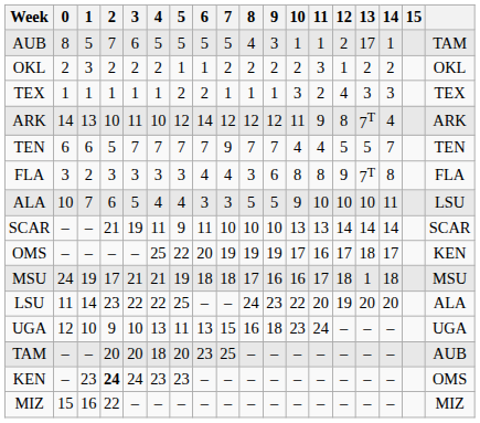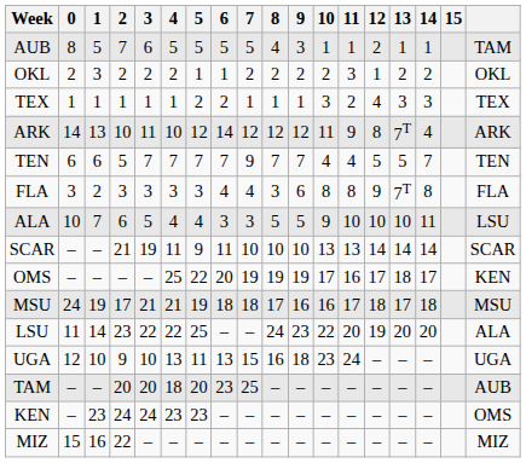 <table class="wikitable sortable" style="text-align:center">
 <tr>
 <th>Week</th>
 <th>0</th>
 <th>1</th>
 <th>2</th>
 <th>3</th>
 <th>4</th>
 <th>5</th>
 <th>6</th>
 <th>7</th>
 <th>8</th>
 <th>9</th>
 <th>10</th>
 <th>11</th>
 <th>12</th>
 <th>13</th>
 <th>14</th>
 <th>15</th>
 <th class=unsortable></th>
 </tr>
 <tr style="background-color:#E8E8E8">
 <td>AUB</td>
 <td>8</td>
 <td>5</td>
 <td>7</td>
 <td>6</td>
 <td>5</td>
 <td>5</td>
 <td>5</td>
 <td>5</td>
 <td>4</td>
 <td>3</td>
 <td>1</td>
 <td>1</td>
 <td>2</td>
-<td>17</td>
+<td>1</td>
 <td>1</td>
 <td></td>
 <td>TAM</td>
 </tr>
 <tr>
 <td>OKL</td>
 <td>2</td>
 <td>3</td>
 <td>2</td>
 <td>2</td>
 <td>2</td>
 <td>1</td>
 <td>1</td>
 <td>2</td>
 <td>2</td>
 <td>2</td>
 <td>2</td>
 <td>3</td>
 <td>1</td>
 <td>2</td>
 <td>2</td>
 <td></td>
 <td>OKL</td>
 </tr>
 <tr>
 <td>TEX</td>
 <td>1</td>
 <td>1</td>
 <td>1</td>
 <td>1</td>
 <td>1</td>
 <td>2</td>
 <td>2</td>
 <td>1</td>
 <td>1</td>
 <td>1</td>
 <td>3</td>
 <td>2</td>
 <td>4</td>
 <td>3</td>
 <td>3</td>
 <td></td>
 <td>TEX</td>
 </tr>
 <tr style="background-color:#E8E8E8">
 <td>ARK</td>
 <td>14</td>
 <td>13</td>
 <td>10</td>
 <td>11</td>
 <td>10</td>
 <td>12</td>
 <td>14</td>
 <td>12</td>
 <td>12</td>
 <td>12</td>
 <td>11</td>
 <td>9</td>
 <td>8</td>
 <td>7<sup>T</sup></td>
 <td>4</td>
 <td></td>
 <td>ARK</td>
 </tr>
 <tr>
 <td>TEN</td>
 <td>6</td>
 <td>6</td>
 <td>5</td>
 <td>7</td>
 <td>7</td>
 <td>7</td>
 <td>7</td>
 <td>9</td>
 <td>7</td>
 <td>7</td>
 <td>4</td>
 <td>4</td>
 <td>5</td>
 <td>5</td>
 <td>7</td>
 <td></td>
 <td>TEN</td>
 </tr>
 <tr>
 <td>FLA</td>
 <td>3</td>
 <td>2</td>
 <td>3</td>
 <td>3</td>
 <td>3</td>
 <td>3</td>
 <td>4</td>
 <td>4</td>
 <td>3</td>
 <td>6</td>
 <td>8</td>
 <td>8</td>
 <td>9</td>
 <td>7<sup>T</sup></td>
 <td>8</td>
 <td></td>
 <td>FLA</td>
 </tr>
 <tr style="background-color:#E8E8E8">
 <td>ALA</td>
 <td>10</td>
 <td>7</td>
 <td>6</td>
 <td>5</td>
 <td>4</td>
 <td>4</td>
 <td>3</td>
 <td>3</td>
 <td>5</td>
 <td>5</td>
 <td>9</td>
 <td>10</td>
 <td>10</td>
 <td>10</td>
 <td>11</td>
 <td></td>
 <td>LSU</td>
 </tr>
 <tr>
 <td>SCAR</td>
 <td data-sort-value=26>–</td>
 <td data-sort-value=26>–</td>
 <td>21</td>
 <td>19</td>
 <td>11</td>
 <td>9</td>
 <td>11</td>
 <td>10</td>
 <td>10</td>
 <td>10</td>
 <td>13</td>
 <td>13</td>
 <td>14</td>
 <td>14</td>
 <td>14</td>
 <td></td>
 <td>SCAR</td>
 </tr>
 <tr>
 <td>OMS</td>
 <td data-sort-value=27>–</td>
 <td data-sort-value=27>–</td>
 <td data-sort-value=27>–</td>
 <td data-sort-value=27>–</td>
 <td>25</td>
 <td>22</td>
 <td>20</td>
 <td>19</td>
 <td>19</td>
 <td>19</td>
 <td>17</td>
 <td>16</td>
 <td>17</td>
 <td>18</td>
 <td>17</td>
 <td></td>
 <td>KEN</td>
 </tr>
 <tr style="background-color:#E8E8E8">
 <td>MSU</td>
 <td>24</td>
 <td>19</td>
 <td>17</td>
 <td>21</td>
 <td>21</td>
 <td>19</td>
 <td>18</td>
 <td>18</td>
 <td>17</td>
 <td>16</td>
 <td>16</td>
 <td>17</td>
 <td>18</td>
-<td>1</td>
+<td>17</td>
 <td>18</td>
 <td></td>
 <td>MSU</td>
 </tr>
 <tr>
 <td>LSU</td>
 <td>11</td>
 <td>14</td>
 <td>23</td>
 <td>22</td>
 <td>22</td>
 <td>25</td>
 <td data-sort-value=28>–</td>
 <td data-sort-value=28>–</td>
 <td>24</td>
 <td>23</td>
 <td>22</td>
 <td>20</td>
 <td>19</td>
 <td>20</td>
 <td>20</td>
 <td></td>
 <td>ALA</td>
 </tr>
 <tr>
 <td data-sort-value=G>UGA</td>
 <td>12</td>
 <td>10</td>
 <td>9</td>
 <td>10</td>
 <td>13</td>
 <td>11</td>
 <td>13</td>
 <td>15</td>
 <td>16</td>
 <td>18</td>
 <td>23</td>
 <td>24</td>
 <td data-sort-value=29>–</td>
 <td data-sort-value=29>–</td>
 <td data-sort-value=29>–</td>
 <td></td>
 <td>UGA</td>
 </tr>
 <tr style="background-color:#E8E8E8">
 <td data-sort-value=TX>TAM</td>
 <td data-sort-value=29>–</td>
 <td data-sort-value=29>–</td>
 <td>20</td>
 <td>20</td>
 <td>18</td>
 <td>20</td>
 <td>23</td>
 <td>25</td>
 <td data-sort-value=29>–</td>
 <td data-sort-value=29>–</td>
 <td data-sort-value=29>–</td>
 <td data-sort-value=29>–</td>
 <td data-sort-value=30>–</td>
 <td data-sort-value=30>–</td>
 <td data-sort-value=30>–</td>
 <td></td>
 <td>AUB</td>
 </tr>
 <tr>
 <td>KEN</td>
 <td data-sort-value=30>–</td>
 <td>23</td>
-<td><strong>24</strong></td>
+<td>24</td>
 <td>24</td>
 <td>23</td>
 <td>23</td>
 <td data-sort-value=30>–</td>
 <td data-sort-value=30>–</td>
 <td data-sort-value=30>–</td>
 <td data-sort-value=30>–</td>
 <td data-sort-value=30>–</td>
 <td data-sort-value=30>–</td>
 <td data-sort-value=31>–</td>
 <td data-sort-value=31>–</td>
 <td data-sort-value=31>–</td>
 <td></td>
 <td>OMS</td>
 </tr>
 <tr>
 <td data-sort-value=MO>MIZ</td>
 <td>15</td>
 <td>16</td>
 <td>22</td>
 <td data-sort-value=31>–</td>
 <td data-sort-value=31>–</td>
 <td data-sort-value=31>–</td>
 <td data-sort-value=31>–</td>
 <td data-sort-value=31>–</td>
 <td data-sort-value=31>–</td>
 <td data-sort-value=31>–</td>
 <td data-sort-value=31>–</td>
 <td data-sort-value=31>–</td>
 <td data-sort-value=32>–</td>
 <td data-sort-value=32>–</td>
 <td data-sort-value=32>–</td>
 <td></td>
 <td>MIZ</td>
 </tr>
 </table>
